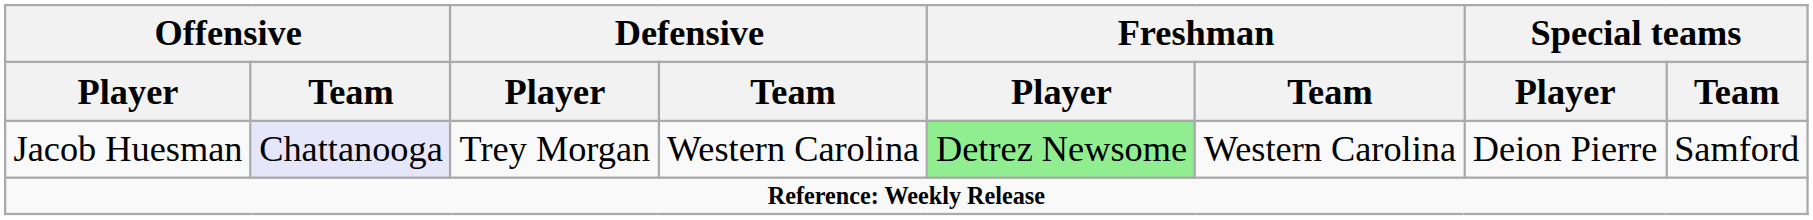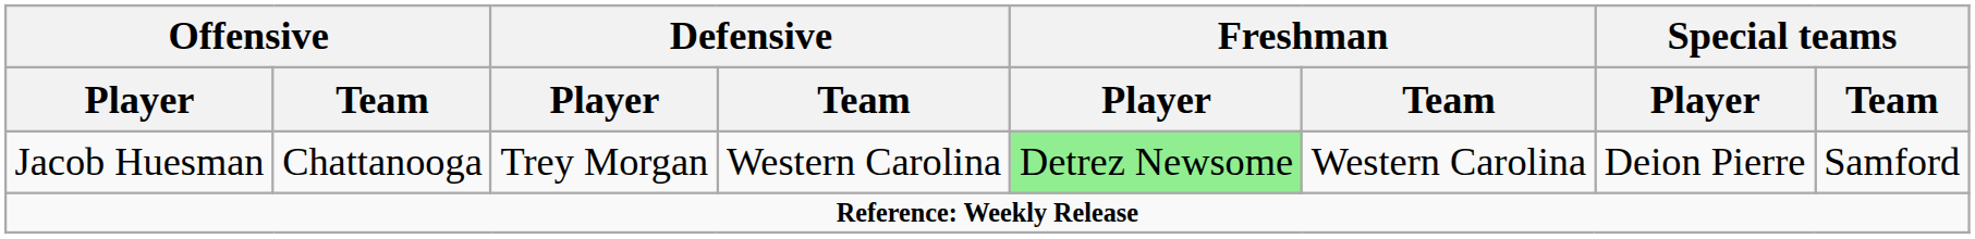 <table class="wikitable" border="1">
 <tr>
 <th colspan="2">Offensive</th>
 <th colspan="2">Defensive</th>
 <th colspan="2">Freshman</th>
 <th colspan="2">Special teams</th>
 </tr>
 <tr>
 <th>Player</th>
 <th>Team</th>
 <th>Player</th>
 <th>Team</th>
 <th>Player</th>
 <th>Team</th>
 <th>Player</th>
 <th>Team</th>
 </tr>
 <tr>
 <td>Jacob Huesman</td>
-<td style="background: lavender;">Chattanooga</td>
+<td>Chattanooga</td>
 <td>Trey Morgan</td>
 <td>Western Carolina</td>
 <td style="background: lightgreen;">Detrez Newsome</td>
 <td>Western Carolina</td>
 <td>Deion Pierre</td>
 <td>Samford</td>
 </tr>
 <tr>
 <td colspan="8" style="font-size: 8pt" align="center"><strong>Reference: Weekly Release</strong></td>
 </tr>
 </table>
